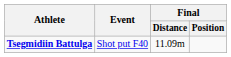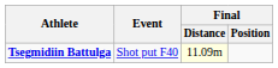 <table class=wikitable style="font-size:90%">
 <tr>
 <th rowspan="2">Athlete</th>
 <th rowspan="2">Event</th>
 <th colspan="2">Final</th>
 </tr>
 <tr style="font-size:95%">
 <th>Distance</th>
 <th>Position</th>
 </tr>
 <tr align=center>
 <td align=left><strong><a href='#'>Tsegmidiin Battulga</a></strong></td>
 <td align=left><a href='#'>Shot put F40</a></td>
-<td>11.09m</td>
+<td style="background: lightyellow;">11.09m</td>
 <td></td>
 </tr>
 </table>
